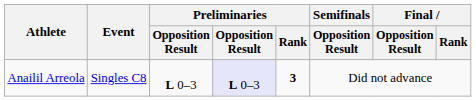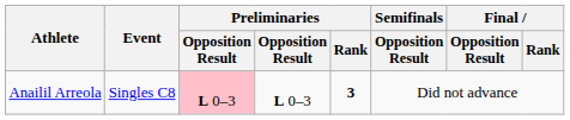 <table class=wikitable style="font-size:90%">
 <tr>
 <th rowspan="2">Athlete</th>
 <th rowspan="2">Event</th>
 <th colspan="3">Preliminaries</th>
 <th>Semifinals</th>
 <th colspan="2">Final / </th>
 </tr>
 <tr style="font-size:95%">
 <th>Opposition<br>Result</th>
 <th>Opposition<br>Result</th>
 <th>Rank</th>
 <th>Opposition<br>Result</th>
 <th>Opposition<br>Result</th>
 <th>Rank</th>
 </tr>
 <tr align=center>
 <td align=left><a href='#'>Anailil Arreola</a></td>
 <td align=left rowspan=2><a href='#'>Singles C8</a></td>
+<td style="background: pink;"><br><strong>L</strong> 0–3</td>
 <td><br><strong>L</strong> 0–3</td>
-<td style="background: lavender;"><br><strong>L</strong> 0–3</td>
 <td><strong>3</strong></td>
 <td colspan=3>Did not advance</td>
 </tr>
 </table>
